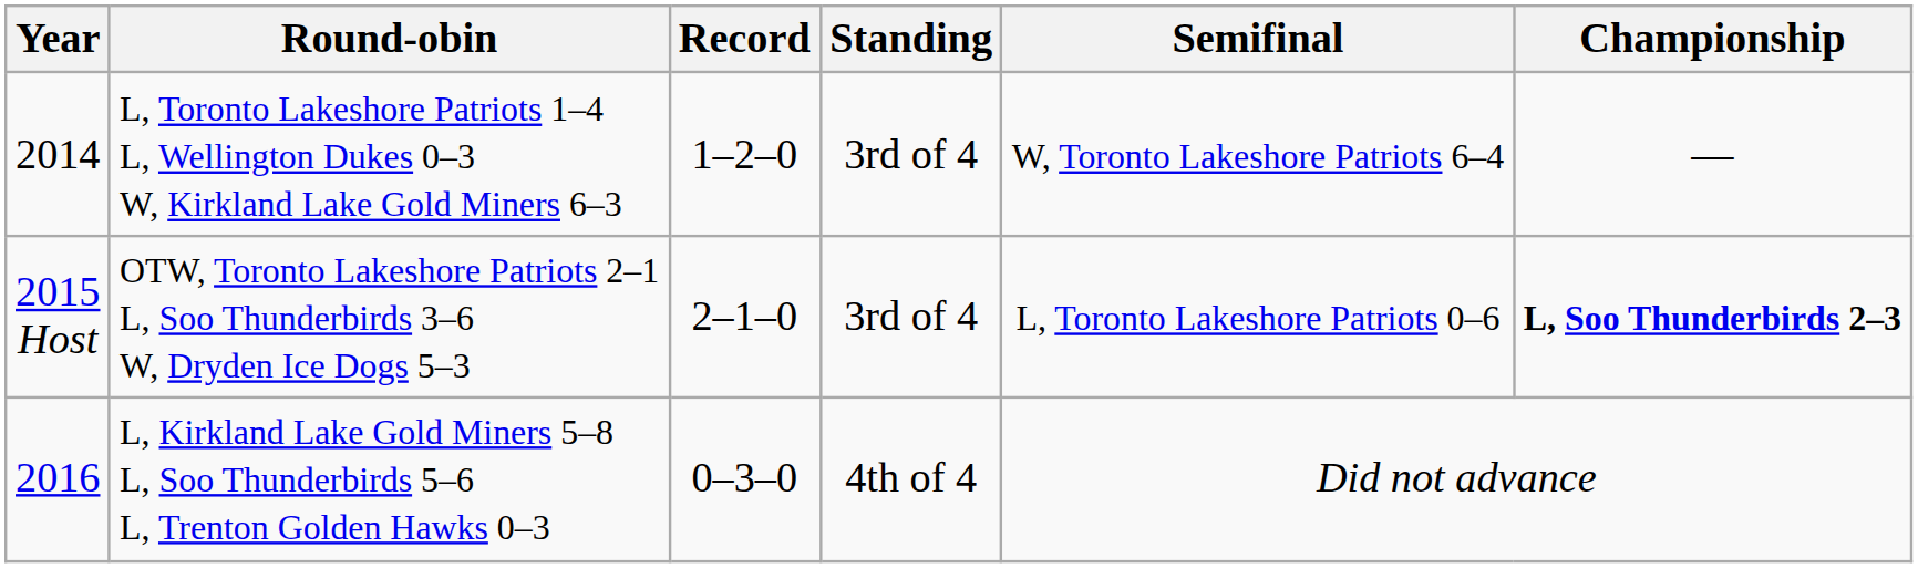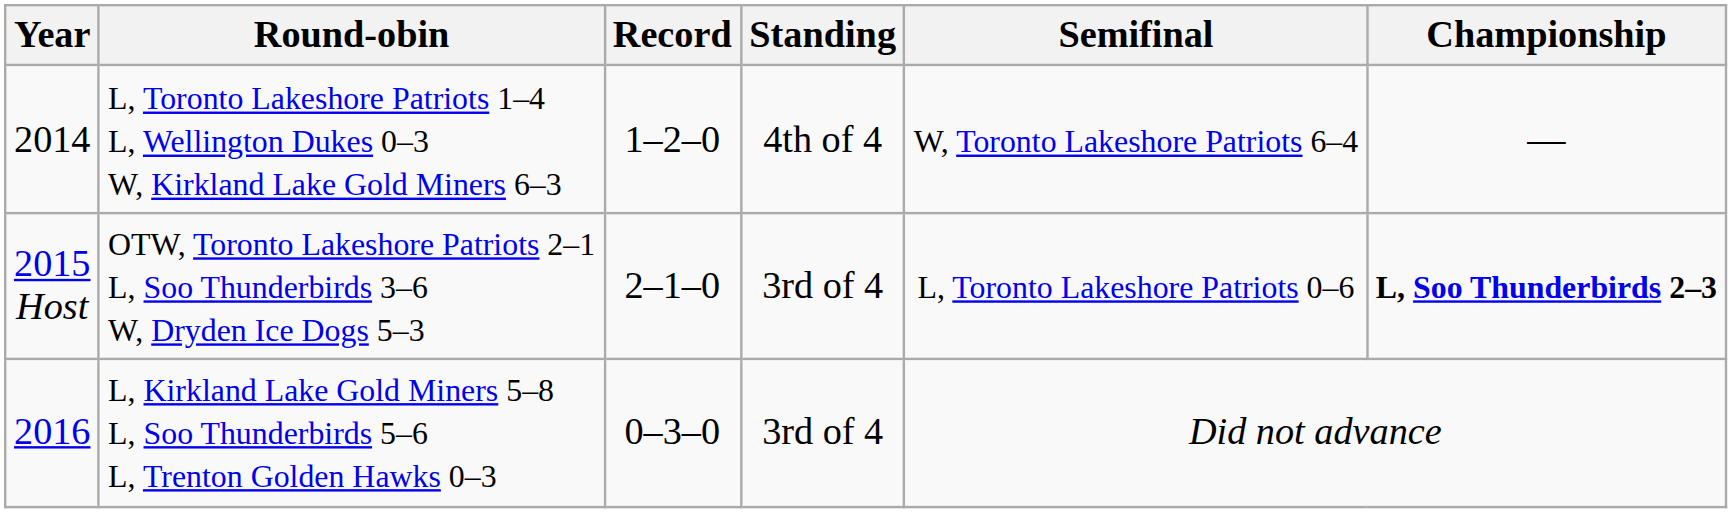 <table class="wikitable" style="text-align:center;">
 <tr>
 <th>Year</th>
 <th>Round-obin</th>
 <th>Record</th>
 <th>Standing</th>
 <th>Semifinal</th>
 <th>Championship</th>
 </tr>
 <tr>
 <td>2014</td>
 <td align=left><small>L, <a href='#'>Toronto Lakeshore Patriots</a> 1–4<br>L, <a href='#'>Wellington Dukes</a> 0–3<br>W, <a href='#'>Kirkland Lake Gold Miners</a> 6–3</small></td>
 <td>1–2–0</td>
-<td>3rd of 4</td>
+<td>4th of 4</td>
 <td><small>W, <a href='#'>Toronto Lakeshore Patriots</a> 6–4</small></td>
 <td>—</td>
 </tr>
 <tr>
 <td><a href='#'>2015</a><br><em>Host</em></td>
 <td align=left><small>OTW, <a href='#'>Toronto Lakeshore Patriots</a> 2–1<br>L, <a href='#'>Soo Thunderbirds</a> 3–6<br>W, <a href='#'>Dryden Ice Dogs</a> 5–3</small></td>
 <td>2–1–0</td>
 <td>3rd of 4</td>
 <td><small>L, <a href='#'>Toronto Lakeshore Patriots</a> 0–6</small></td>
 <td><strong><small>L, <a href='#'>Soo Thunderbirds</a> 2–3</small></strong></td>
 </tr>
 <tr>
 <td><a href='#'>2016</a></td>
 <td align=left><small>L, <a href='#'>Kirkland Lake Gold Miners</a> 5–8<br>L, <a href='#'>Soo Thunderbirds</a> 5–6<br>L, <a href='#'>Trenton Golden Hawks</a> 0–3</small></td>
 <td>0–3–0</td>
-<td>4th of 4</td>
+<td>3rd of 4</td>
 <td colspan=2><em>Did not advance</em></td>
 </tr>
 </table>
